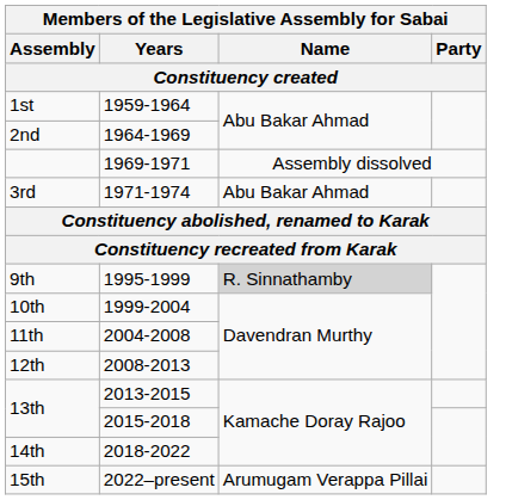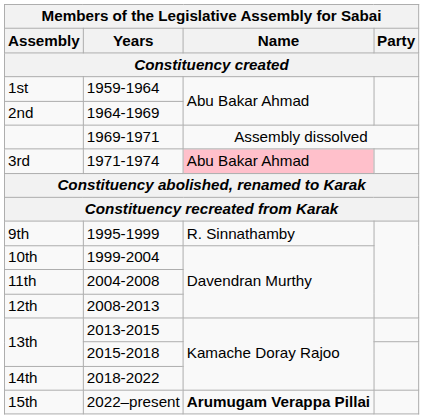 <table class="wikitable">
 <tr>
 <th colspan="4">Members of the Legislative Assembly for Sabai</th>
 </tr>
 <tr>
 <th>Assembly</th>
 <th>Years</th>
 <th>Name</th>
 <th>Party</th>
 </tr>
 <tr>
 <th colspan="4"><em>Constituency created</em></th>
 </tr>
 <tr>
 <td>1st</td>
 <td>1959-1964</td>
 <td rowspan="2">Abu Bakar Ahmad</td>
 <td rowspan="2"></td>
 </tr>
 <tr>
 <td>2nd</td>
 <td>1964-1969</td>
 </tr>
 <tr>
 <td></td>
 <td>1969-1971</td>
 <td colspan=2 align=center>Assembly dissolved</td>
 </tr>
 <tr>
 <td>3rd</td>
 <td>1971-1974</td>
-<td>Abu Bakar Ahmad</td>
+<td style="background: pink;">Abu Bakar Ahmad</td>
 <td></td>
 </tr>
 <tr>
 <th colspan="4"><em>Constituency abolished, renamed to Karak</em></th>
 </tr>
 <tr>
 <th colspan="4"><em>Constituency recreated from Karak</em></th>
 </tr>
 <tr>
 <td>9th</td>
 <td>1995-1999</td>
-<td style="background: lightgrey;">R. Sinnathamby</td>
+<td>R. Sinnathamby</td>
 <td rowspan="4"></td>
 </tr>
 <tr>
 <td>10th</td>
 <td>1999-2004</td>
 <td rowspan="3">Davendran Murthy</td>
 </tr>
 <tr>
 <td>11th</td>
 <td>2004-2008</td>
 </tr>
 <tr>
 <td>12th</td>
 <td>2008-2013</td>
 </tr>
 <tr>
 <td rowspan=2>13th</td>
 <td>2013-2015</td>
 <td rowspan=3>Kamache Doray Rajoo</td>
 <td></td>
 </tr>
 <tr>
 <td>2015-2018</td>
 <td rowspan=2></td>
 </tr>
 <tr>
 <td>14th</td>
 <td>2018-2022</td>
 </tr>
 <tr>
 <td>15th</td>
 <td>2022–present</td>
-<td>Arumugam Verappa Pillai</td>
+<td><strong>Arumugam Verappa Pillai</strong></td>
 <td></td>
 </tr>
 </table>
